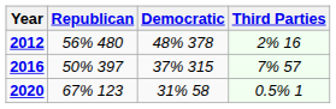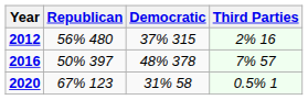 <table class="wikitable" style="float:right; font-size:95%;">
 <tr bgcolor=lightgrey>
 <th>Year</th>
 <th><a href='#'>Republican</a></th>
 <th><a href='#'>Democratic</a></th>
 <th><a href='#'>Third Parties</a></th>
 </tr>
 <tr>
 <td style="text-align:center; "><strong><a href='#'>2012</a></strong></td>
 <td style="text-align:center; "><em>56%</em> <em>480</em></td>
-<td style="text-align:center; "><em>48%</em> <em>378</em></td>
+<td style="text-align:center; "><em>37%</em> <em>315</em></td>
 <td style="text-align:center; background:honeyDew;"><em>2%</em> <em>16</em></td>
 </tr>
 <tr>
 <td style="text-align:center; "><strong><a href='#'>2016</a></strong></td>
 <td style="text-align:center; "><em>50%</em> <em>397</em></td>
-<td style="text-align:center; "><em>37%</em> <em>315</em></td>
+<td style="text-align:center; "><em>48%</em> <em>378</em></td>
 <td style="text-align:center; background:honeyDew;"><em>7%</em> <em>57</em></td>
 </tr>
 <tr>
 <td style="text-align:center; "><strong><a href='#'>2020</a></strong></td>
 <td style="text-align:center; "><em>67%</em> <em>123</em></td>
 <td style="text-align:center; "><em>31%</em> <em>58</em></td>
 <td style="text-align:center; background:honeyDew;"><em>0.5%</em> <em>1</em></td>
 </tr>
 </table>
